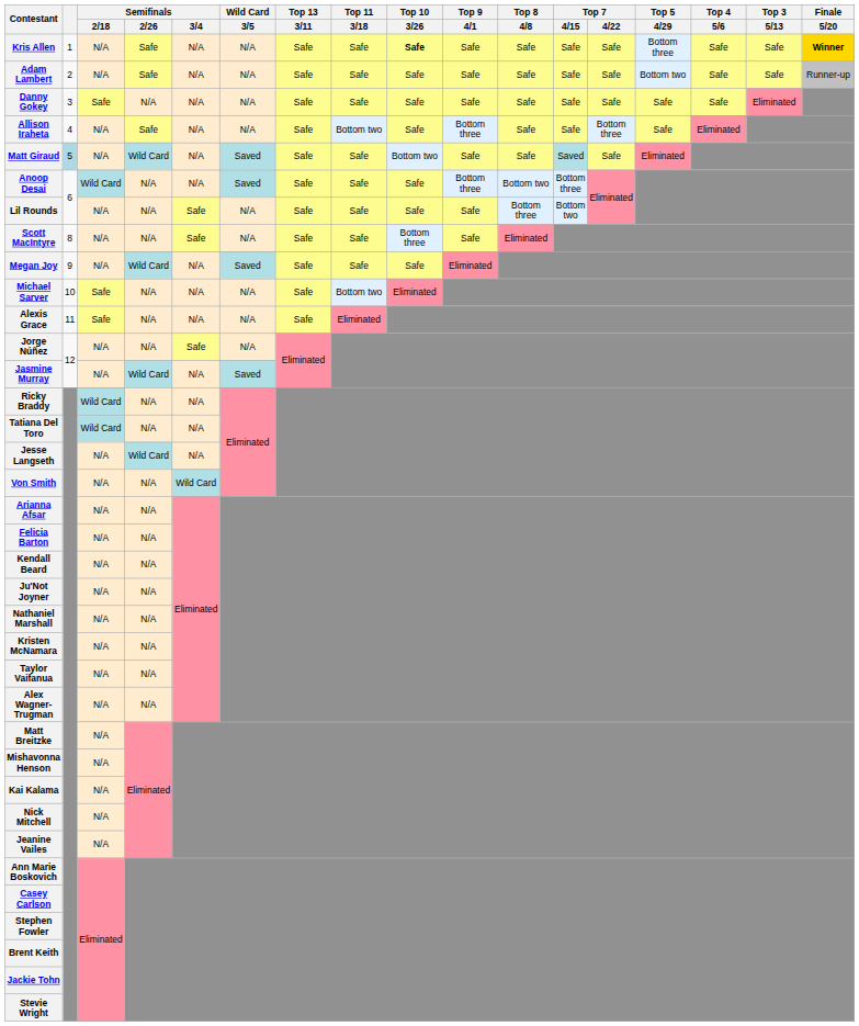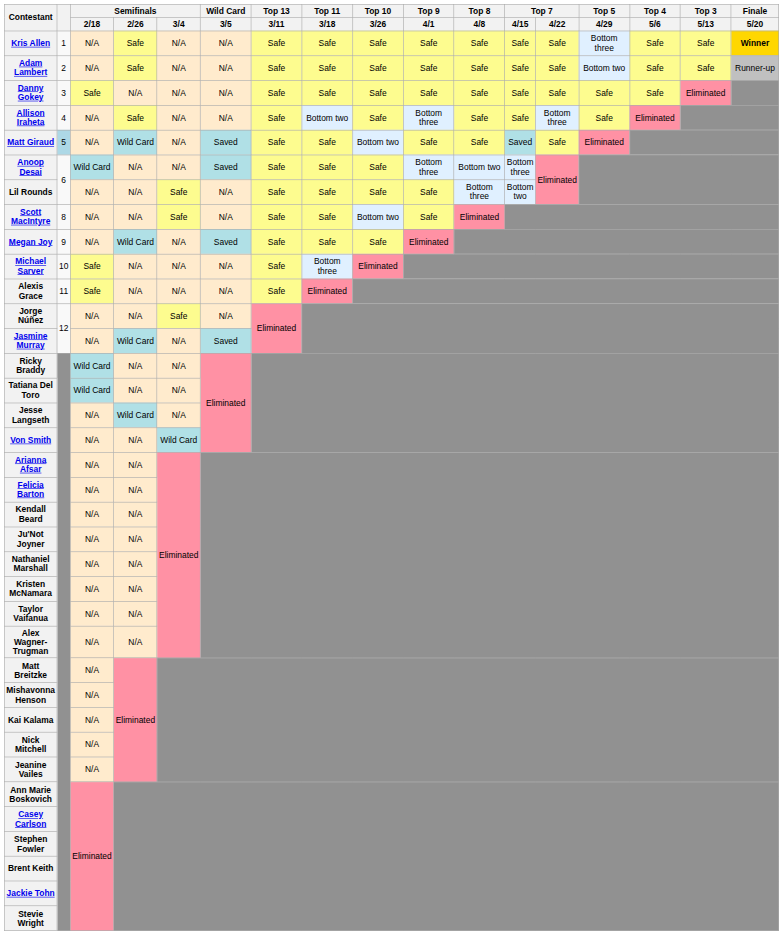 <table class="wikitable" style="text-align:center; font-size:85%;">
 <tr>
 <th scope="col" rowspan="2">Contestant</th>
 <th scope="col" rowspan="2"></th>
 <th colspan="3" scope="col" style="width:7%;">Semifinals</th>
 <th scope="col" style="width:7%;">Wild Card</th>
 <th scope="col" style="width:7%;">Top 13</th>
 <th scope="col" style="width:7%;">Top 11</th>
 <th scope="col" style="width:7%;">Top 10</th>
 <th scope="col" style="width:7%;">Top 9</th>
 <th scope="col" style="width:7%;">Top 8</th>
 <th scope="col" colspan=2 style="width:7%;">Top 7</th>
 <th scope="col" style="width:7%;">Top 5</th>
 <th scope="col" style="width:7%;">Top 4</th>
 <th scope="col" style="width:7%;">Top 3</th>
 <th scope="col" style="width:7%;">Finale</th>
 </tr>
 <tr>
 <th>2/18</th>
 <th>2/26</th>
 <th>3/4</th>
 <th>3/5</th>
 <th>3/11</th>
 <th>3/18</th>
 <th>3/26</th>
 <th>4/1</th>
 <th>4/8</th>
 <th>4/15</th>
 <th>4/22</th>
 <th>4/29</th>
 <th>5/6</th>
 <th>5/13</th>
 <th>5/20</th>
 </tr>
 <tr style="height:40px">
 <th scope="row"><a href='#'>Kris Allen</a></th>
 <td>1</td>
 <td style="background:#ffebcd;">N/A</td>
 <td style="background:#FDFC8F;">Safe</td>
 <td style="background:#ffebcd;">N/A</td>
 <td bgcolor="ffebcd">N/A</td>
 <td style="background:#FDFC8F;">Safe</td>
 <td style="background:#FDFC8F;">Safe</td>
-<td style="background:#FDFC8F;"><strong>Safe</strong></td>
+<td style="background:#FDFC8F;">Safe</td>
 <td style="background:#FDFC8F;">Safe</td>
 <td style="background:#FDFC8F;">Safe</td>
 <td style="background:#FDFC8F;">Safe</td>
 <td style="background:#FDFC8F;">Safe</td>
 <td style="background:#e0f0ff">Bottom three</td>
 <td style="background:#FDFC8F;">Safe</td>
 <td style="background:#FDFC8F;">Safe</td>
 <td style="background:gold;"><strong>Winner</strong></td>
 </tr>
 <tr style="height:40px">
 <th scope="row"><a href='#'>Adam Lambert</a></th>
 <td>2</td>
 <td style="background:#ffebcd;">N/A</td>
 <td style="background:#FDFC8F;">Safe</td>
 <td style="background:#ffebcd;">N/A</td>
 <td bgcolor="ffebcd">N/A</td>
 <td style="background:#FDFC8F;">Safe</td>
 <td style="background:#FDFC8F;">Safe</td>
 <td style="background:#FDFC8F;">Safe</td>
 <td style="background:#FDFC8F;">Safe</td>
 <td style="background:#FDFC8F;">Safe</td>
 <td style="background:#FDFC8F;">Safe</td>
 <td style="background:#FDFC8F;">Safe</td>
 <td style="background:#e0f0ff">Bottom two</td>
 <td style="background:#FDFC8F;">Safe</td>
 <td style="background:#FDFC8F;">Safe</td>
 <td style="background:silver;">Runner-up</td>
 </tr>
 <tr style="height:40px">
 <th scope="row"><a href='#'>Danny Gokey</a></th>
 <td>3</td>
 <td style="background:#FDFC8F;">Safe</td>
 <td style="background:#ffebcd;">N/A</td>
 <td style="background:#ffebcd;">N/A</td>
 <td bgcolor="ffebcd">N/A</td>
 <td style="background:#FDFC8F;">Safe</td>
 <td style="background:#FDFC8F;">Safe</td>
 <td style="background:#FDFC8F;">Safe</td>
 <td style="background:#FDFC8F;">Safe</td>
 <td style="background:#FDFC8F;">Safe</td>
 <td style="background:#FDFC8F;">Safe</td>
 <td style="background:#FDFC8F;">Safe</td>
 <td style="background:#FDFC8F;">Safe</td>
 <td style="background:#FDFC8F;">Safe</td>
 <td style="background:#FF91A4">Eliminated</td>
 <td style="background:#919191;"></td>
 </tr>
 <tr style="height:40px">
 <th scope="row"><a href='#'>Allison Iraheta</a></th>
 <td>4</td>
 <td style="background:#ffebcd;">N/A</td>
 <td style="background:#FDFC8F;">Safe</td>
 <td style="background:#ffebcd;">N/A</td>
 <td bgcolor="ffebcd">N/A</td>
 <td style="background:#FDFC8F;">Safe</td>
 <td style="background:#e0f0ff">Bottom two</td>
 <td style="background:#FDFC8F;">Safe</td>
 <td style="background:#e0f0ff">Bottom three</td>
 <td style="background:#FDFC8F;">Safe</td>
 <td style="background:#FDFC8F;">Safe</td>
 <td style="background:#e0f0ff">Bottom three</td>
 <td style="background:#FDFC8F;">Safe</td>
 <td style="background:#FF91A4">Eliminated</td>
 <td colspan="2" style="background:#919191"></td>
 </tr>
 <tr style="height:40px">
 <th scope="row"><a href='#'>Matt Giraud</a></th>
 <td style="background: lightblue;">5</td>
 <td style="background:#ffebcd;">N/A</td>
 <td bgcolor="B0E0E6">Wild Card</td>
 <td style="background:#ffebcd;">N/A</td>
 <td style="background:#B0E0E6;">Saved</td>
 <td style="background:#FDFC8F;">Safe</td>
 <td style="background:#FDFC8F;">Safe</td>
 <td style="background:#e0f0ff">Bottom two</td>
 <td style="background:#FDFC8F;">Safe</td>
 <td style="background:#FDFC8F;">Safe</td>
 <td style="background:#B0E0E6;">Saved</td>
 <td style="background:#FDFC8F;">Safe</td>
 <td style="background:#FF91A4">Eliminated</td>
 <td colspan="3" style="background:#919191"></td>
 </tr>
 <tr style="height:40px">
 <th scope="row"><a href='#'>Anoop Desai</a></th>
 <td rowspan="2">6</td>
 <td bgcolor="B0E0E6">Wild Card</td>
 <td style="background:#ffebcd;">N/A</td>
 <td style="background:#ffebcd;">N/A</td>
 <td style="background:#B0E0E6;">Saved</td>
 <td style="background:#FDFC8F;">Safe</td>
 <td style="background:#FDFC8F;">Safe</td>
 <td style="background:#FDFC8F;">Safe</td>
 <td style="background:#e0f0ff">Bottom three</td>
 <td style="background:#e0f0ff">Bottom two</td>
 <td style="background:#e0f0ff">Bottom three</td>
 <td rowspan=2 style="background:#FF91A4">Eliminated</td>
 <td colspan="4" rowspan="2" style="background:#919191"></td>
 </tr>
 <tr style="height:40px">
 <th scope="row">Lil Rounds</th>
 <td style="background:#ffebcd;">N/A</td>
 <td style="background:#ffebcd;">N/A</td>
 <td style="background:#FDFC8F;">Safe</td>
 <td bgcolor="ffebcd">N/A</td>
 <td style="background:#FDFC8F;">Safe</td>
 <td style="background:#FDFC8F;">Safe</td>
 <td style="background:#FDFC8F;">Safe</td>
 <td style="background:#FDFC8F;">Safe</td>
 <td style="background:#e0f0ff">Bottom three</td>
 <td style="background:#e0f0ff">Bottom two</td>
 </tr>
 <tr style="height:40px">
 <th scope="row"><a href='#'>Scott MacIntyre</a></th>
 <td>8</td>
 <td style="background:#ffebcd;">N/A</td>
 <td style="background:#ffebcd;">N/A</td>
 <td style="background:#FDFC8F;">Safe</td>
 <td bgcolor="ffebcd">N/A</td>
 <td style="background:#FDFC8F;">Safe</td>
 <td style="background:#FDFC8F;">Safe</td>
-<td style="background:#e0f0ff">Bottom three</td>
+<td style="background:#e0f0ff">Bottom two</td>
 <td style="background:#FDFC8F;">Safe</td>
 <td style="background:#FF91A4">Eliminated</td>
 <td colspan="6" style="background:#919191"></td>
 </tr>
 <tr style="height:40px">
 <th scope="row"><a href='#'>Megan Joy</a></th>
 <td>9</td>
 <td style="background:#ffebcd;">N/A</td>
 <td bgcolor="B0E0E6">Wild Card</td>
 <td style="background:#ffebcd;">N/A</td>
 <td bgcolor="B0E0E6">Saved</td>
 <td style="background:#FDFC8F;">Safe</td>
 <td style="background:#FDFC8F;">Safe</td>
 <td style="background:#FDFC8F;">Safe</td>
 <td style="background:#FF91A4">Eliminated</td>
 <td colspan="7" style="background:#919191"></td>
 </tr>
 <tr style="height:40px">
 <th scope="row"><a href='#'>Michael Sarver</a></th>
 <td>10</td>
 <td style="background:#FDFC8F;">Safe</td>
 <td style="background:#ffebcd;">N/A</td>
 <td style="background:#ffebcd;">N/A</td>
 <td bgcolor="ffebcd">N/A</td>
 <td style="background:#FDFC8F;">Safe</td>
-<td style="background:#e0f0ff">Bottom two</td>
+<td style="background:#e0f0ff">Bottom three</td>
 <td style="background:#FF91A4">Eliminated</td>
 <td colspan="8" style="background:#919191"></td>
 </tr>
 <tr style="height:40px">
 <th scope="row">Alexis Grace</th>
 <td>11</td>
 <td style="background:#FDFC8F;">Safe</td>
 <td style="background:#ffebcd;">N/A</td>
 <td style="background:#ffebcd;">N/A</td>
 <td bgcolor="ffebcd">N/A</td>
 <td style="background:#FDFC8F;">Safe</td>
 <td style="background:#FF91A4">Eliminated</td>
 <td colspan="9" style="background:#919191"></td>
 </tr>
 <tr style="height:40px">
 <th scope="row">Jorge Núñez</th>
 <td rowspan="2">12</td>
 <td style="background:#ffebcd;">N/A</td>
 <td style="background:#ffebcd;">N/A</td>
 <td style="background:#FDFC8F;">Safe</td>
 <td bgcolor="ffebcd">N/A</td>
 <td rowspan="2" style="background:#FF91A4">Eliminated</td>
 <td colspan="10" rowspan="2" style="background:#919191"></td>
 </tr>
 <tr style="height:40px">
 <th scope="row"><a href='#'>Jasmine Murray</a></th>
 <td style="background:#ffebcd;">N/A</td>
 <td bgcolor="B0E0E6">Wild Card</td>
 <td style="background:#ffebcd;">N/A</td>
 <td style="background:#B0E0E6;">Saved</td>
 </tr>
 <tr style="height:40px">
 <th scope="row">Ricky Braddy</th>
 <td rowspan="23" bgcolor="919191"></td>
 <td bgcolor="B0E0E6">Wild Card</td>
 <td style="background:#ffebcd;">N/A</td>
 <td style="background:#ffebcd;">N/A</td>
 <td rowspan=4 style="background:#FF91A4">Eliminated</td>
 <td colspan="11" rowspan="4" style="background:#919191"></td>
 </tr>
 <tr style="height:40px">
 <th scope="row">Tatiana Del Toro</th>
 <td bgcolor="B0E0E6">Wild Card</td>
 <td style="background:#ffebcd;">N/A</td>
 <td style="background:#ffebcd;">N/A</td>
 </tr>
 <tr style="height:40px">
 <th scope="row">Jesse Langseth</th>
 <td style="background:#ffebcd;">N/A</td>
 <td bgcolor="B0E0E6">Wild Card</td>
 <td style="background:#ffebcd;">N/A</td>
 </tr>
 <tr style="height:40px">
 <th scope="row"><a href='#'>Von Smith</a></th>
 <td style="background:#ffebcd;">N/A</td>
 <td style="background:#ffebcd;">N/A</td>
 <td bgcolor="B0E0E6">Wild Card</td>
 </tr>
 <tr style="height:40px">
 <th scope="row"><a href='#'>Arianna Afsar</a></th>
 <td style="background:#ffebcd;">N/A</td>
 <td style="background:#ffebcd;">N/A</td>
 <td rowspan=8 style="background:#FF91A4">Eliminated</td>
 <td colspan="12" rowspan="8" style="background:#919191"></td>
 </tr>
 <tr style="height:40px">
 <th scope="row"><a href='#'>Felicia Barton</a></th>
 <td style="background:#ffebcd;">N/A</td>
 <td style="background:#ffebcd;">N/A</td>
 </tr>
 <tr style="height:40px">
 <th scope="row">Kendall Beard</th>
 <td style="background:#ffebcd;">N/A</td>
 <td style="background:#ffebcd;">N/A</td>
 </tr>
 <tr style="height:40px">
 <th scope="row">Ju'Not Joyner</th>
 <td style="background:#ffebcd;">N/A</td>
 <td style="background:#ffebcd;">N/A</td>
 </tr>
 <tr style="height:40px">
 <th scope="row">Nathaniel Marshall</th>
 <td style="background:#ffebcd;">N/A</td>
 <td style="background:#ffebcd;">N/A</td>
 </tr>
 <tr style="height:40px">
 <th scope="row">Kristen McNamara</th>
 <td style="background:#ffebcd;">N/A</td>
 <td style="background:#ffebcd;">N/A</td>
 </tr>
 <tr style="height:40px">
 <th scope="row">Taylor Vaifanua</th>
 <td style="background:#ffebcd;">N/A</td>
 <td style="background:#ffebcd;">N/A</td>
 </tr>
 <tr style="height:40px">
 <th scope="row">Alex Wagner-Trugman</th>
 <td style="background:#ffebcd;">N/A</td>
 <td style="background:#ffebcd;">N/A</td>
 </tr>
 <tr style="height:40px">
 <th scope="row">Matt Breitzke</th>
 <td style="background:#ffebcd;">N/A</td>
 <td rowspan=5 style="background:#FF91A4">Eliminated</td>
 <td colspan="13" rowspan="5" style="background:#919191"></td>
 </tr>
 <tr style="height:40px">
 <th scope="row">Mishavonna Henson</th>
 <td style="background:#ffebcd;">N/A</td>
 </tr>
 <tr style="height:40px">
 <th scope="row">Kai Kalama</th>
 <td style="background:#ffebcd;">N/A</td>
 </tr>
 <tr style="height:40px">
 <th scope="row">Nick Mitchell</th>
 <td style="background:#ffebcd;">N/A</td>
 </tr>
 <tr style="height:40px">
 <th scope="row">Jeanine Vailes</th>
 <td style="background:#ffebcd;">N/A</td>
 </tr>
 <tr style="height:40px">
 <th scope="row">Ann Marie Boskovich</th>
 <td rowspan=6 style="background:#FF91A4">Eliminated</td>
 <td colspan="14" rowspan="6" style="background:#919191"></td>
 </tr>
 <tr style="height:40px">
 <th scope="row"><a href='#'>Casey Carlson</a></th>
 </tr>
 <tr style="height:40px">
 <th scope="row">Stephen Fowler</th>
 </tr>
 <tr style="height:40px">
 <th scope="row">Brent Keith</th>
 </tr>
 <tr style="height:40px">
 <th scope="row"><a href='#'>Jackie Tohn</a></th>
 </tr>
 <tr style="height:40px">
 <th scope="row">Stevie Wright</th>
 </tr>
 </table>
